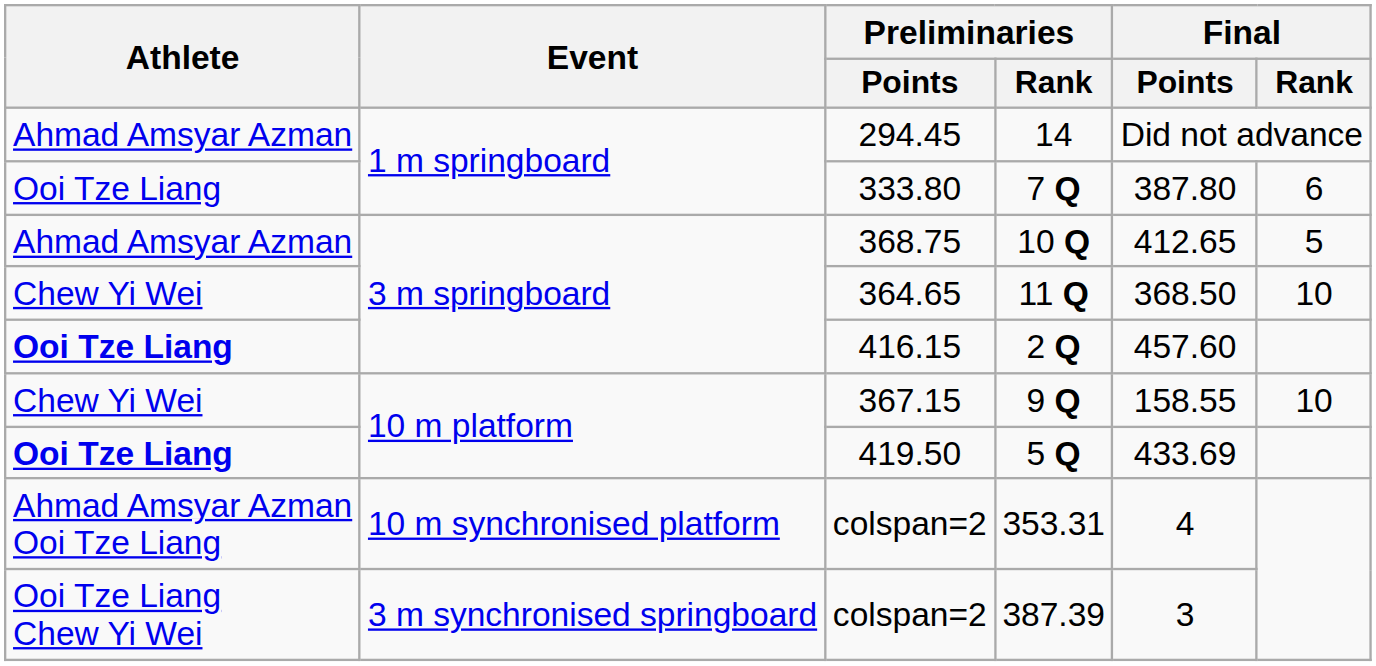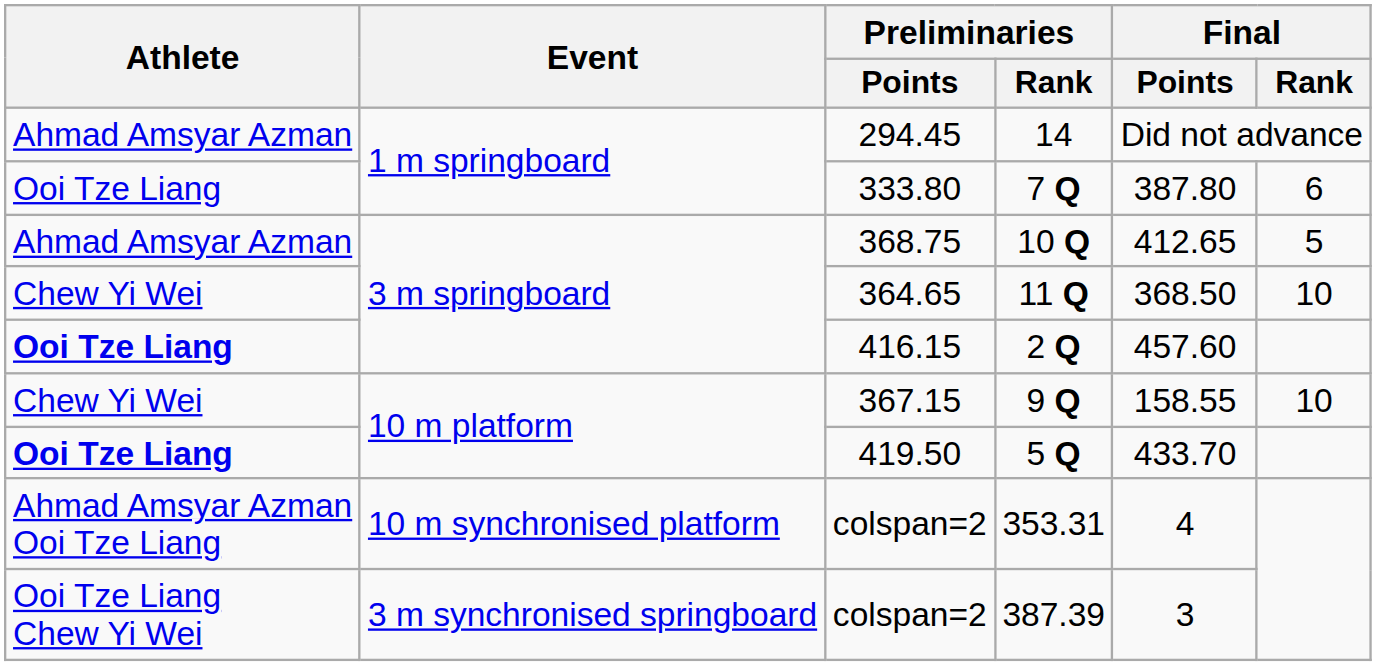 <table class="wikitable" style="font-size:90%;">
 <tr>
 <th rowspan=2>Athlete</th>
 <th rowspan=2>Event</th>
 <th colspan=2>Preliminaries</th>
 <th colspan=2>Final</th>
 </tr>
 <tr style="font-size:95%">
 <th>Points</th>
 <th>Rank</th>
 <th>Points</th>
 <th>Rank</th>
 </tr>
 <tr align=center>
 <td align=left><a href='#'>Ahmad Amsyar Azman</a></td>
 <td align=left rowspan=2><a href='#'>1 m springboard</a></td>
 <td>294.45</td>
 <td>14</td>
 <td colspan=2>Did not advance</td>
 </tr>
 <tr align=center>
 <td align=left><a href='#'>Ooi Tze Liang</a></td>
 <td>333.80</td>
 <td>7 <strong>Q</strong></td>
 <td>387.80</td>
 <td>6</td>
 </tr>
 <tr align=center>
 <td align=left><a href='#'>Ahmad Amsyar Azman</a></td>
 <td align=left rowspan=3><a href='#'>3 m springboard</a></td>
 <td>368.75</td>
 <td>10 <strong>Q</strong></td>
 <td>412.65</td>
 <td>5</td>
 </tr>
 <tr align=center>
 <td align=left><a href='#'>Chew Yi Wei</a></td>
 <td>364.65</td>
 <td>11 <strong>Q</strong></td>
 <td>368.50</td>
 <td>10</td>
 </tr>
 <tr align=center>
 <td align=left><strong><a href='#'>Ooi Tze Liang</a></strong></td>
 <td>416.15</td>
 <td>2 <strong>Q</strong></td>
 <td>457.60</td>
 <td></td>
 </tr>
 <tr align=center>
 <td align=left><a href='#'>Chew Yi Wei</a></td>
 <td align=left rowspan=2><a href='#'>10 m platform</a></td>
 <td>367.15</td>
 <td>9 <strong>Q</strong></td>
 <td>158.55</td>
 <td>10</td>
 </tr>
 <tr align=center>
 <td align=left><strong><a href='#'>Ooi Tze Liang</a></strong></td>
 <td>419.50</td>
 <td>5 <strong>Q</strong></td>
-<td>433.69</td>
+<td>433.70</td>
 <td></td>
 </tr>
 <tr align=center>
 <td align=left><a href='#'>Ahmad Amsyar Azman</a><br><a href='#'>Ooi Tze Liang</a></td>
 <td align=left><a href='#'>10 m synchronised platform</a></td>
 <td>colspan=2 </td>
 <td>353.31</td>
 <td>4</td>
 </tr>
 <tr align=center>
 <td align=left><a href='#'>Ooi Tze Liang</a><br><a href='#'>Chew Yi Wei</a></td>
 <td align=left><a href='#'>3 m synchronised springboard</a></td>
 <td>colspan=2 </td>
 <td>387.39</td>
 <td>3</td>
 </tr>
 </table>
